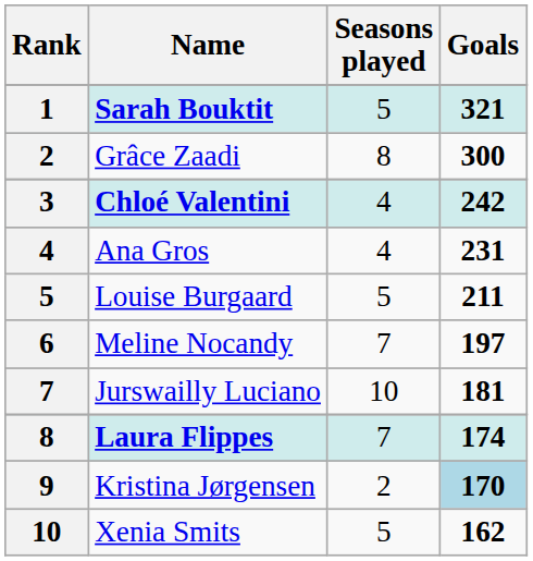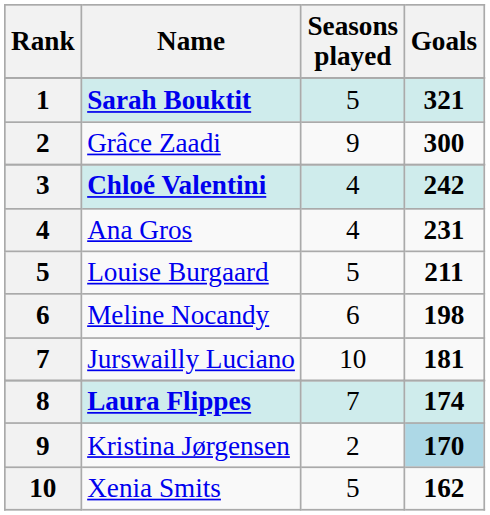 <table class="wikitable" style="text-align: center;">
 <tr>
 <th>Rank</th>
 <th class="unsortable">Name</th>
 <th>Seasons<br>played</th>
 <th>Goals</th>
 </tr>
 <tr>
 </tr>
 <tr style="background-color: #CFECEC;">
 <th rowspan="1">1</th>
 <td style="text-align: left;"> <strong><a href='#'>Sarah Bouktit</a></strong></td>
 <td>5</td>
 <td><strong>321</strong></td>
 </tr>
 <tr>
 <th rowspan="1">2</th>
 <td style="text-align: left;"> <a href='#'>Grâce Zaadi</a></td>
-<td>8</td>
+<td>9</td>
 <td><strong>300</strong></td>
 </tr>
 <tr>
 </tr>
 <tr style="background-color: #CFECEC;">
 <th rowspan="1">3</th>
 <td style="text-align: left;"> <strong><a href='#'>Chloé Valentini</a></strong></td>
 <td>4</td>
 <td><strong>242</strong></td>
 </tr>
 <tr>
 <th rowspan="1">4</th>
 <td style="text-align: left;"> <a href='#'>Ana Gros</a></td>
 <td>4</td>
 <td><strong>231</strong></td>
 </tr>
 <tr>
 <th rowspan="1">5</th>
 <td style="text-align: left;"> <a href='#'>Louise Burgaard</a></td>
 <td>5</td>
 <td><strong>211</strong></td>
 </tr>
 <tr>
 <th rowspan="1">6</th>
 <td style="text-align: left;"> <a href='#'>Meline Nocandy</a></td>
-<td>7</td>
-<td><strong>197</strong></td>
+<td>6</td>
+<td><strong>198</strong></td>
 </tr>
 <tr>
 <th rowspan="1">7</th>
 <td style="text-align: left;"> <a href='#'>Jurswailly Luciano</a></td>
 <td>10</td>
 <td><strong>181</strong></td>
 </tr>
 <tr>
 </tr>
 <tr style="background-color: #CFECEC;">
 <th rowspan="1">8</th>
 <td style="text-align: left;"> <strong><a href='#'>Laura Flippes</a></strong></td>
 <td>7</td>
 <td><strong>174</strong></td>
 </tr>
 <tr>
 <th rowspan="1">9</th>
 <td style="text-align: left;"> <a href='#'>Kristina Jørgensen</a></td>
 <td>2</td>
 <td style="background: lightblue;"><strong>170</strong></td>
 </tr>
 <tr>
 <th rowspan="1">10</th>
 <td style="text-align: left;"> <a href='#'>Xenia Smits</a></td>
 <td>5</td>
 <td><strong>162</strong></td>
 </tr>
 </table>
